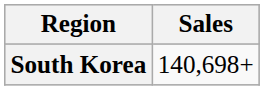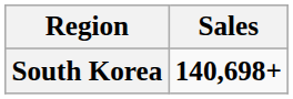 <table class="wikitable plainrowheaders" style="text-align:center">
 <tr>
 <th scope="col">Region</th>
 <th scope="col">Sales</th>
 </tr>
 <tr>
 <th scope="row">South Korea</th>
-<td>140,698+</td>
+<td><strong>140,698+</strong></td>
 </tr>
 </table>
